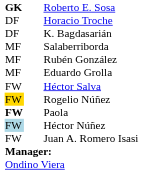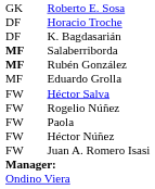 <table style="font-size:90%; margin:0.2em auto;" cellspacing="0" cellpadding="0">
 <tr>
 <th width="25"></th>
 <th width="25"></th>
 </tr>
 <tr>
-<td><strong>GK</strong></td>
+<td>GK</td>
 <td></td>
 <td> <a href='#'>Roberto E. Sosa</a></td>
 </tr>
 <tr>
 <td>DF</td>
 <td></td>
 <td> <a href='#'>Horacio Troche</a></td>
 </tr>
 <tr>
 <td>DF</td>
 <td></td>
 <td> K. Bagdasarián</td>
 </tr>
 <tr>
-<td>MF</td>
+<td><strong>MF</strong></td>
 <td></td>
 <td> Salaberriborda</td>
 </tr>
 <tr>
-<td>MF</td>
+<td><strong>MF</strong></td>
 <td></td>
 <td> Rubén González</td>
 </tr>
 <tr>
 <td>MF</td>
 <td></td>
 <td> Eduardo Grolla</td>
 </tr>
 <tr>
 <td>FW</td>
 <td></td>
 <td> <a href='#'>Héctor Salva</a></td>
 </tr>
 <tr>
-<td style="background: gold;">FW</td>
+<td>FW</td>
 <td></td>
 <td> Rogelio Núñez</td>
 </tr>
 <tr>
-<td><strong>FW</strong></td>
+<td>FW</td>
 <td></td>
 <td> Paola</td>
 </tr>
 <tr>
-<td style="background: lightblue;">FW</td>
+<td>FW</td>
 <td></td>
 <td> Héctor Núñez</td>
 </tr>
 <tr>
 <td>FW</td>
 <td></td>
 <td> Juan A. Romero Isasi</td>
 </tr>
 <tr>
 <td colspan=3><strong>Manager:</strong></td>
 </tr>
 <tr>
 <td colspan=4> <a href='#'>Ondino Viera</a></td>
 </tr>
 </table>
